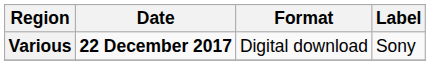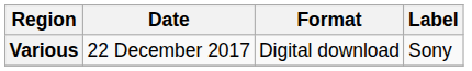 <table class="wikitable plainrowheaders unsortable">
 <tr>
 <th>Region</th>
 <th>Date</th>
 <th>Format</th>
 <th>Label</th>
 </tr>
 <tr>
 <th scope="row">Various</th>
-<td><strong>22 December 2017</strong></td>
+<td>22 December 2017</td>
 <td>Digital download</td>
 <td>Sony</td>
 </tr>
 <tr>
 </tr>
 </table>
